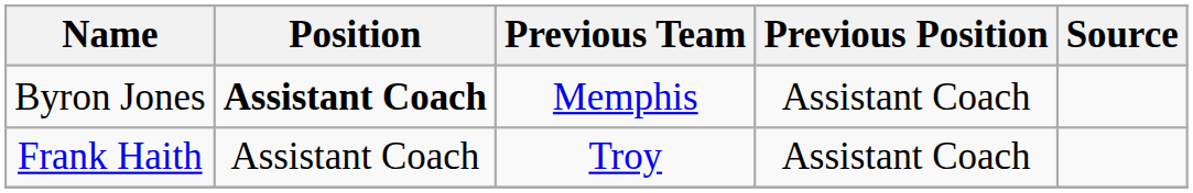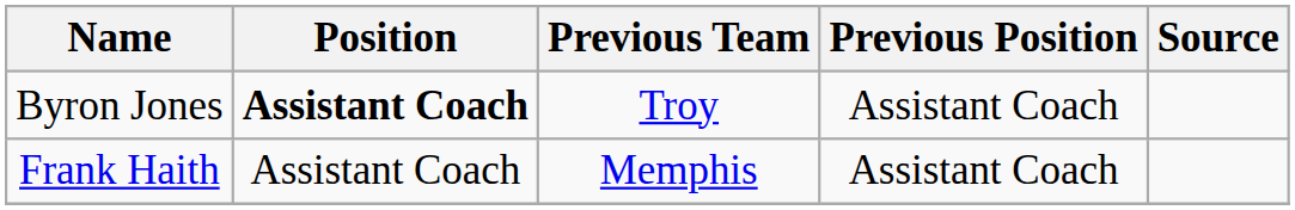 <table class="wikitable">
 <tr>
 <th style="text-align:center; ">Name</th>
 <th style="text-align:center; ">Position</th>
 <th style="text-align:center; ">Previous Team</th>
 <th style="text-align:center; ">Previous Position</th>
 <th style="text-align:center; ">Source</th>
 </tr>
 <tr align=center>
 <td>Byron Jones</td>
 <td><strong>Assistant Coach</strong></td>
-<td><a href='#'>Memphis</a></td>
+<td><a href='#'>Troy</a></td>
 <td>Assistant Coach</td>
 <td></td>
 </tr>
 <tr align=center>
 <td><a href='#'>Frank Haith</a></td>
 <td>Assistant Coach</td>
-<td><a href='#'>Troy</a></td>
+<td><a href='#'>Memphis</a></td>
 <td>Assistant Coach</td>
 <td></td>
 </tr>
 <tr>
 </tr>
 </table>
